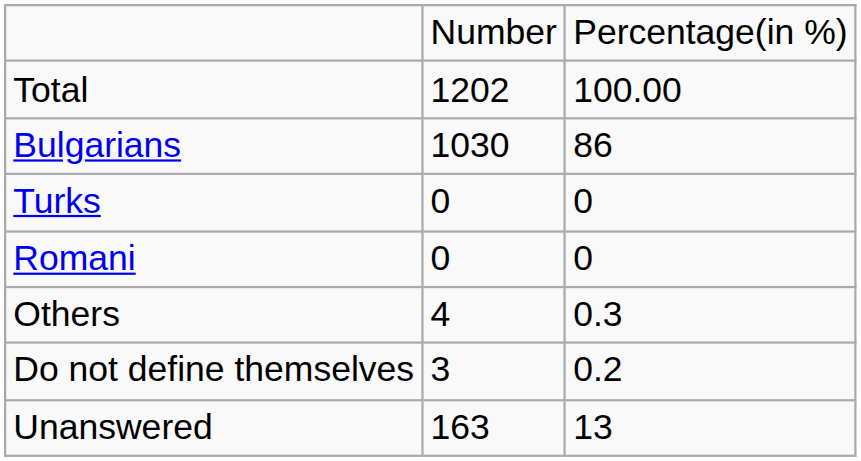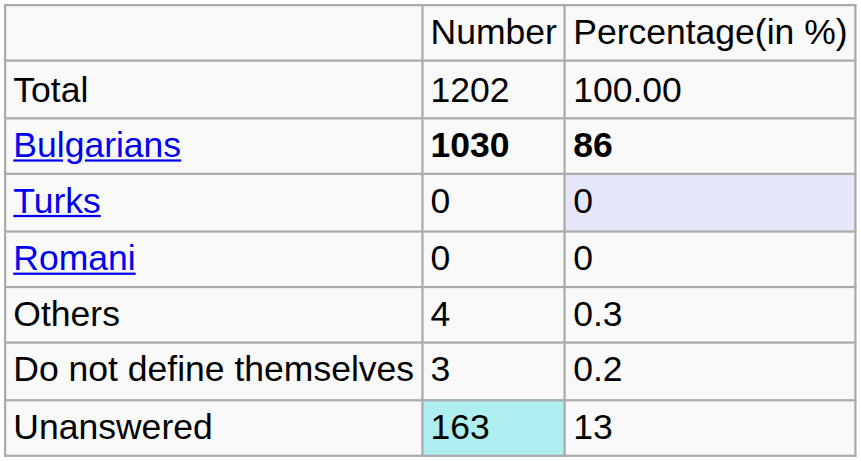 <table class="wikitable">
 <tr>
 <td></td>
 <td>Number</td>
 <td>Percentage(in %)</td>
 </tr>
 <tr>
 <td>Total</td>
 <td>1202</td>
 <td>100.00</td>
 </tr>
 <tr>
 <td><a href='#'>Bulgarians</a></td>
-<td>1030</td>
-<td>86</td>
+<td><strong>1030</strong></td>
+<td><strong>86</strong></td>
 </tr>
 <tr>
 <td><a href='#'>Turks</a></td>
 <td>0</td>
-<td>0</td>
+<td style="background: lavender;">0</td>
 </tr>
 <tr>
 <td><a href='#'>Romani</a></td>
 <td>0</td>
 <td>0</td>
 </tr>
 <tr>
 <td>Others</td>
 <td>4</td>
 <td>0.3</td>
 </tr>
 <tr>
 <td>Do not define themselves</td>
 <td>3</td>
 <td>0.2</td>
 </tr>
 <tr>
 <td>Unanswered</td>
-<td>163</td>
+<td style="background: paleturquoise;">163</td>
 <td>13</td>
 </tr>
 </table>
